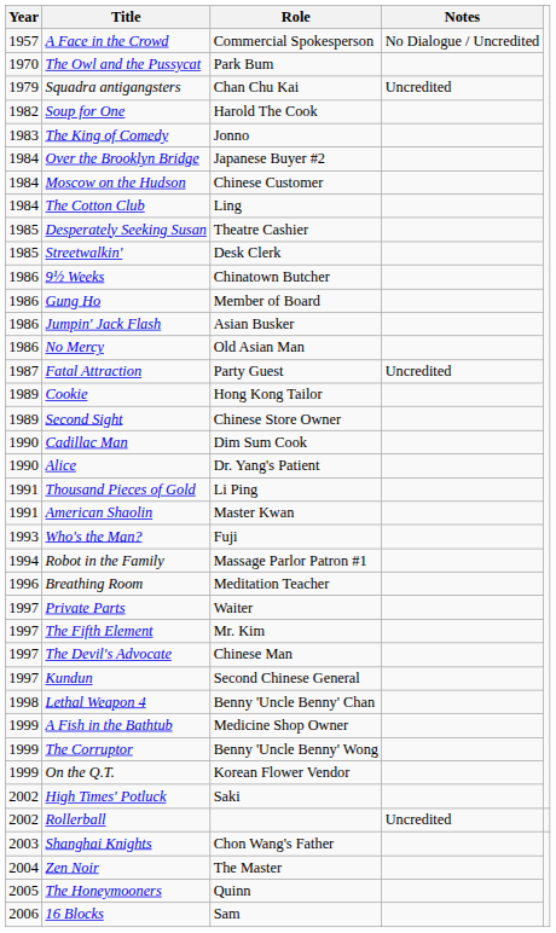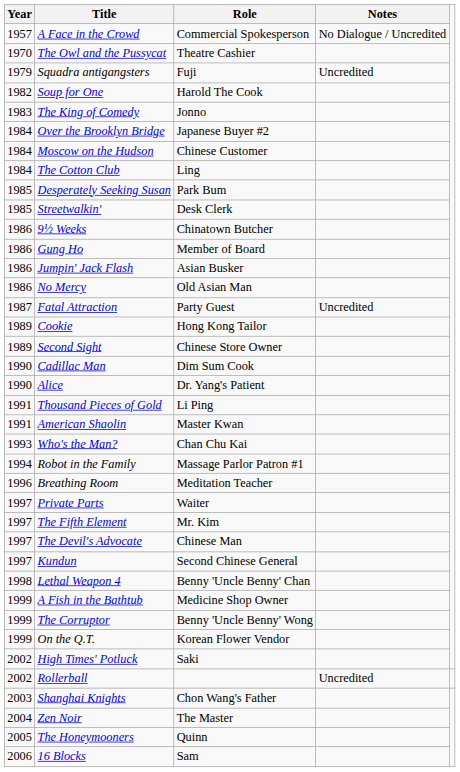 <table class="wikitable sortable">
 <tr>
 <th>Year</th>
 <th>Title</th>
 <th>Role</th>
 <th>Notes</th>
 </tr>
 <tr>
 <td>1957</td>
 <td><em><a href='#'>A Face in the Crowd</a></em></td>
 <td>Commercial Spokesperson</td>
 <td>No Dialogue / Uncredited</td>
 </tr>
 <tr>
 <td>1970</td>
 <td><em><a href='#'>The Owl and the Pussycat</a></em></td>
-<td>Park Bum</td>
+<td>Theatre Cashier</td>
 <td></td>
 </tr>
 <tr>
 <td>1979</td>
 <td><em>Squadra antigangsters</em></td>
-<td>Chan Chu Kai</td>
+<td>Fuji</td>
 <td>Uncredited</td>
 </tr>
 <tr>
 <td>1982</td>
 <td><em><a href='#'>Soup for One</a></em></td>
 <td>Harold The Cook</td>
 <td></td>
 </tr>
 <tr>
 <td>1983</td>
 <td><em><a href='#'>The King of Comedy</a></em></td>
 <td>Jonno</td>
 <td></td>
 </tr>
 <tr>
 <td>1984</td>
 <td><em><a href='#'>Over the Brooklyn Bridge</a></em></td>
 <td>Japanese Buyer #2</td>
 <td></td>
 </tr>
 <tr>
 <td>1984</td>
 <td><em><a href='#'>Moscow on the Hudson</a></em></td>
 <td>Chinese Customer</td>
 <td></td>
 </tr>
 <tr>
 <td>1984</td>
 <td><em><a href='#'>The Cotton Club</a></em></td>
 <td>Ling</td>
 <td></td>
 </tr>
 <tr>
 <td>1985</td>
 <td><em><a href='#'>Desperately Seeking Susan</a></em></td>
-<td>Theatre Cashier</td>
+<td>Park Bum</td>
 <td></td>
 </tr>
 <tr>
 <td>1985</td>
 <td><em><a href='#'>Streetwalkin'</a></em></td>
 <td>Desk Clerk</td>
 <td></td>
 </tr>
 <tr>
 <td>1986</td>
 <td><em><a href='#'>9½ Weeks</a></em></td>
 <td>Chinatown Butcher</td>
 <td></td>
 </tr>
 <tr>
 <td>1986</td>
 <td><em><a href='#'>Gung Ho</a></em></td>
 <td>Member of Board</td>
 <td></td>
 </tr>
 <tr>
 <td>1986</td>
 <td><em><a href='#'>Jumpin' Jack Flash</a></em></td>
 <td>Asian Busker</td>
 <td></td>
 </tr>
 <tr>
 <td>1986</td>
 <td><em><a href='#'>No Mercy</a></em></td>
 <td>Old Asian Man</td>
 <td></td>
 </tr>
 <tr>
 <td>1987</td>
 <td><em><a href='#'>Fatal Attraction</a></em></td>
 <td>Party Guest</td>
 <td>Uncredited</td>
 </tr>
 <tr>
 <td>1989</td>
 <td><em><a href='#'>Cookie</a></em></td>
 <td>Hong Kong Tailor</td>
 <td></td>
 </tr>
 <tr>
 <td>1989</td>
 <td><em><a href='#'>Second Sight</a></em></td>
 <td>Chinese Store Owner</td>
 <td></td>
 </tr>
 <tr>
 <td>1990</td>
 <td><em><a href='#'>Cadillac Man</a></em></td>
 <td>Dim Sum Cook</td>
 <td></td>
 </tr>
 <tr>
 <td>1990</td>
 <td><em><a href='#'>Alice</a></em></td>
 <td>Dr. Yang's Patient</td>
 <td></td>
 </tr>
 <tr>
 <td>1991</td>
 <td><em><a href='#'>Thousand Pieces of Gold</a></em></td>
 <td>Li Ping</td>
 <td></td>
 </tr>
 <tr>
 <td>1991</td>
 <td><em><a href='#'>American Shaolin</a></em></td>
 <td>Master Kwan</td>
 <td></td>
 </tr>
 <tr>
 <td>1993</td>
 <td><em><a href='#'>Who's the Man?</a></em></td>
-<td>Fuji</td>
+<td>Chan Chu Kai</td>
 <td></td>
 </tr>
 <tr>
 <td>1994</td>
 <td><em>Robot in the Family</em></td>
 <td>Massage Parlor Patron #1</td>
 <td></td>
 </tr>
 <tr>
 <td>1996</td>
 <td><em>Breathing Room</em></td>
 <td>Meditation Teacher</td>
 <td></td>
 </tr>
 <tr>
 <td>1997</td>
 <td><em><a href='#'>Private Parts</a></em></td>
 <td>Waiter</td>
 <td></td>
 </tr>
 <tr>
 <td>1997</td>
 <td><em><a href='#'>The Fifth Element</a></em></td>
 <td>Mr. Kim</td>
 <td></td>
 </tr>
 <tr>
 <td>1997</td>
 <td><em><a href='#'>The Devil's Advocate</a></em></td>
 <td>Chinese Man</td>
 <td></td>
 </tr>
 <tr>
 <td>1997</td>
 <td><em><a href='#'>Kundun</a></em></td>
 <td>Second Chinese General</td>
 <td></td>
 </tr>
 <tr>
 <td>1998</td>
 <td><em><a href='#'>Lethal Weapon 4</a></em></td>
 <td>Benny 'Uncle Benny' Chan</td>
 <td></td>
 </tr>
 <tr>
 <td>1999</td>
 <td><em><a href='#'>A Fish in the Bathtub</a></em></td>
 <td>Medicine Shop Owner</td>
 <td></td>
 </tr>
 <tr>
 <td>1999</td>
 <td><em><a href='#'>The Corruptor</a></em></td>
 <td>Benny 'Uncle Benny' Wong</td>
 <td></td>
 </tr>
 <tr>
 <td>1999</td>
 <td><em>On the Q.T.</em></td>
 <td>Korean Flower Vendor</td>
 <td></td>
 </tr>
 <tr>
 <td>2002</td>
 <td><em><a href='#'>High Times' Potluck</a></em></td>
 <td>Saki</td>
 <td></td>
 </tr>
 <tr>
 <td>2002</td>
 <td><em><a href='#'>Rollerball</a></em></td>
 <td></td>
 <td>Uncredited</td>
 <td></td>
 </tr>
 <tr>
 <td>2003</td>
 <td><em><a href='#'>Shanghai Knights</a></em></td>
 <td>Chon Wang's Father</td>
 <td></td>
 </tr>
 <tr>
 <td>2004</td>
 <td><em><a href='#'>Zen Noir</a></em></td>
 <td>The Master</td>
 <td></td>
 </tr>
 <tr>
 <td>2005</td>
 <td><em><a href='#'>The Honeymooners</a></em></td>
 <td>Quinn</td>
 <td></td>
 </tr>
 <tr>
 <td>2006</td>
 <td><em><a href='#'>16 Blocks</a></em></td>
 <td>Sam</td>
 <td></td>
 </tr>
 </table>
